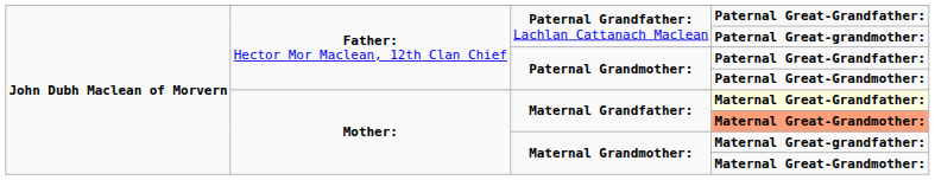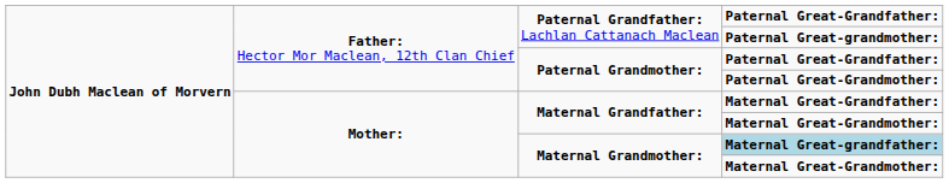 <table class="wikitable" style="margin:0.3em auto">
 <tr style="text-align:center;">
 <td rowspan="8"><strong>John Dubh Maclean of Morvern</strong></td>
 <td rowspan="4"><strong>Father:</strong><br><a href='#'>Hector Mor Maclean, 12th Clan Chief</a></td>
 <td rowspan="2"><strong>Paternal Grandfather:</strong><br><a href='#'>Lachlan Cattanach Maclean</a></td>
 <td><strong>Paternal Great-Grandfather:</strong><br></td>
 </tr>
 <tr>
 <td style="text-align:center;"><strong>Paternal Great-grandmother:</strong><br></td>
 </tr>
 <tr style="text-align:center;">
 <td rowspan="2"><strong>Paternal Grandmother:</strong><br></td>
 <td><strong>Paternal Great-Grandfather:</strong><br></td>
 </tr>
 <tr>
 <td style="text-align:center;"><strong>Paternal Great-Grandmother:</strong><br></td>
 </tr>
 <tr style="text-align:center;">
 <td rowspan="4"><strong>Mother:</strong><br></td>
 <td rowspan="2"><strong>Maternal Grandfather:</strong><br></td>
-<td style="background: lightyellow;"><strong>Maternal Great-Grandfather:</strong><br></td>
+<td><strong>Maternal Great-Grandfather:</strong><br></td>
 </tr>
 <tr>
-<td style="background: lightsalmon; text-align:center;"><strong>Maternal Great-Grandmother:</strong><br></td>
+<td style="text-align:center;"><strong>Maternal Great-Grandmother:</strong><br></td>
 </tr>
 <tr style="text-align:center;">
 <td rowspan="2"><strong>Maternal Grandmother:</strong><br></td>
-<td><strong>Maternal Great-grandfather:</strong><br></td>
+<td style="background: lightblue;"><strong>Maternal Great-grandfather:</strong><br></td>
 </tr>
 <tr>
 <td style="text-align:center;"><strong>Maternal Great-Grandmother:</strong><br></td>
 </tr>
 </table>
